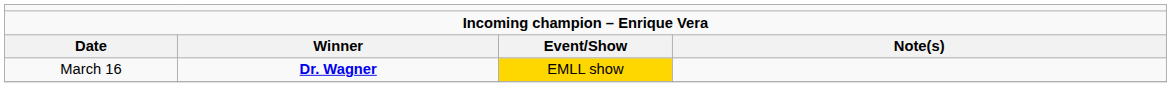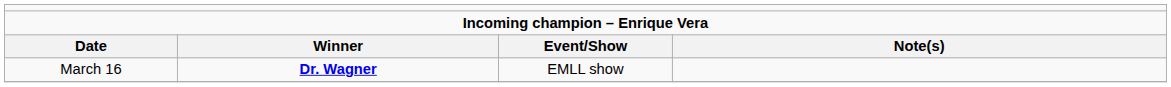 <table class="wikitable" style="text-align:center; width:100%;">
 <tr>
 <td colspan=5></td>
 </tr>
 <tr>
 <td colspan=5><strong>Incoming champion – Enrique Vera</strong></td>
 </tr>
 <tr>
 <th width=14%>Date</th>
 <th width=26%>Winner</th>
 <th width=14%>Event/Show</th>
 <th width=40%>Note(s)</th>
 </tr>
 <tr>
 <td>March 16</td>
 <td><strong><a href='#'>Dr. Wagner</a></strong></td>
-<td style="background: gold;">EMLL show</td>
+<td>EMLL show</td>
 <td></td>
 </tr>
 <tr>
 </tr>
 </table>
